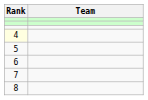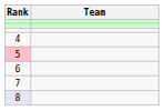 <table class=wikitable style="text-align:center;">
 <tr>
 <th>Rank</th>
 <th width=180>Team</th>
 </tr>
 <tr bgcolor=#CCFFCC>
 <td></td>
 <td align=left></td>
 </tr>
 <tr bgcolor=#CCFFCC>
 <td></td>
 <td align=left></td>
 </tr>
 <tr>
 <td></td>
 <td align=left></td>
 </tr>
 <tr>
-<td style="background: lightyellow;">4</td>
+<td>4</td>
 <td align=left></td>
 </tr>
 <tr>
-<td>5</td>
+<td style="background: pink;">5</td>
 <td align=left></td>
 </tr>
 <tr>
 <td>6</td>
 <td align=left></td>
 </tr>
 <tr>
 <td>7</td>
 <td align=left></td>
 </tr>
 <tr>
-<td>8</td>
+<td style="background: lavender;">8</td>
 <td align=left></td>
 </tr>
 </table>
